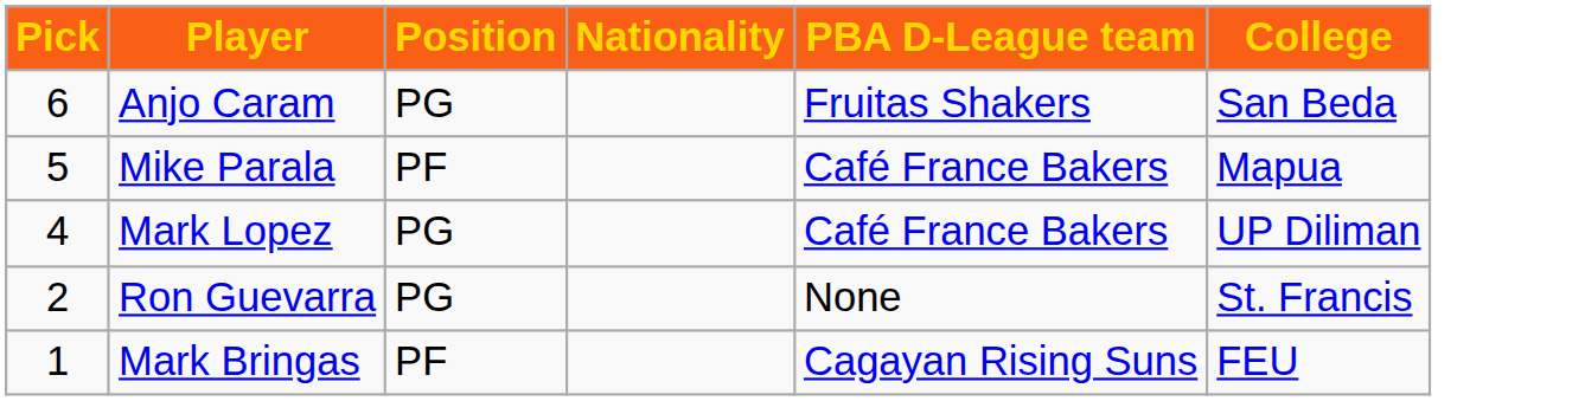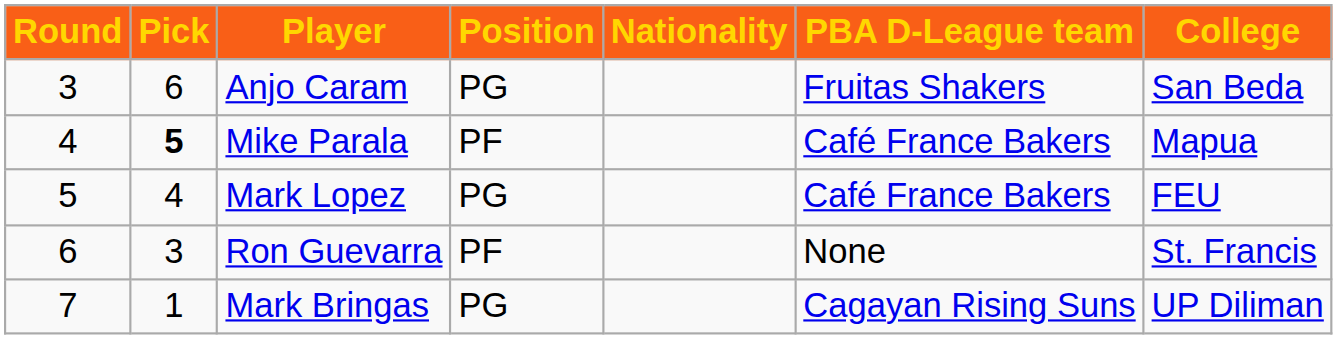 <table class="wikitable sortable sortable">
 <tr>
+<th style="background:#F95F17; color:#FFD700; ">Round</th>
 <th style="background:#F95F17; color:#FFD700; ">Pick</th>
 <th style="background:#F95F17; color:#FFD700; ">Player</th>
 <th style="background:#F95F17; color:#FFD700; ">Position</th>
 <th style="background:#F95F17; color:#FFD700; ">Nationality</th>
 <th style="background:#F95F17; color:#FFD700; ">PBA D-League team</th>
 <th style="background:#F95F17; color:#FFD700; ">College</th>
 </tr>
 <tr>
+<td align=center>3</td>
 <td align=center>6</td>
 <td><a href='#'>Anjo Caram</a></td>
 <td>PG</td>
 <td></td>
 <td><a href='#'>Fruitas Shakers</a></td>
 <td><a href='#'>San Beda</a></td>
 </tr>
 <tr>
-<td align=center>5</td>
+<td align=center>4</td>
+<td align=center><strong>5</strong></td>
 <td><a href='#'>Mike Parala</a></td>
 <td>PF</td>
 <td></td>
 <td><a href='#'>Café France Bakers</a></td>
 <td><a href='#'>Mapua</a></td>
 </tr>
 <tr>
+<td align=center>5</td>
 <td align=center>4</td>
 <td><a href='#'>Mark Lopez</a></td>
 <td>PG</td>
 <td></td>
 <td><a href='#'>Café France Bakers</a></td>
-<td><a href='#'>UP Diliman</a></td>
+<td><a href='#'>FEU</a></td>
 </tr>
 <tr>
-<td align=center>2</td>
+<td align=center>6</td>
+<td align=center>3</td>
 <td><a href='#'>Ron Guevarra</a></td>
-<td>PG</td>
+<td>PF</td>
 <td></td>
 <td>None</td>
 <td><a href='#'>St. Francis</a></td>
 </tr>
 <tr>
+<td align=center>7</td>
 <td align=center>1</td>
 <td><a href='#'>Mark Bringas</a></td>
-<td>PF</td>
+<td>PG</td>
 <td></td>
 <td><a href='#'>Cagayan Rising Suns</a></td>
-<td><a href='#'>FEU</a></td>
+<td><a href='#'>UP Diliman</a></td>
 </tr>
 </table>
